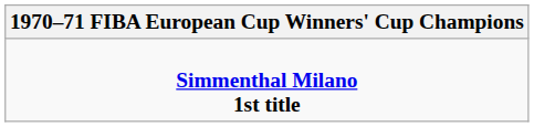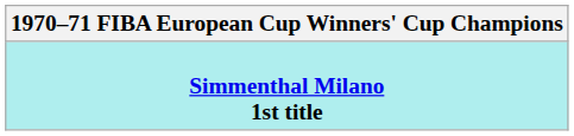 <table class=wikitable style="text-align:center; margin:auto">
 <tr>
 <th>1970–71 FIBA European Cup Winners' Cup Champions</th>
 </tr>
 <tr>
-<td><br> <strong><a href='#'>Simmenthal Milano</a></strong> <br> <strong>1st title</strong></td>
+<td style="background: paleturquoise;"><br> <strong><a href='#'>Simmenthal Milano</a></strong> <br> <strong>1st title</strong></td>
 </tr>
 </table>
